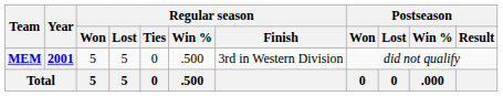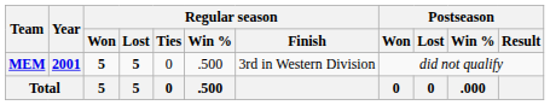 <table class="wikitable" style="font-size: 95%; text-align:center;">
 <tr>
 <th rowspan="2">Team</th>
 <th rowspan="2">Year</th>
 <th colspan="5">Regular season</th>
 <th colspan="4">Postseason</th>
 </tr>
 <tr>
 <th>Won</th>
 <th>Lost</th>
 <th>Ties</th>
 <th>Win %</th>
 <th>Finish</th>
 <th>Won</th>
 <th>Lost</th>
 <th>Win %</th>
 <th>Result</th>
 </tr>
 <tr>
 <th><a href='#'>MEM</a></th>
 <th><a href='#'>2001</a></th>
-<td>5</td>
-<td>5</td>
+<td><strong>5</strong></td>
+<td><strong>5</strong></td>
 <td>0</td>
 <td>.500</td>
 <td>3rd in Western Division</td>
 <td colspan="4"><em>did not qualify</em></td>
 </tr>
 <tr>
 <th colspan="2">Total</th>
 <th>5</th>
 <th>5</th>
 <th>0</th>
 <th>.500</th>
 <th></th>
 <th>0</th>
 <th>0</th>
 <th>.000</th>
 <th></th>
 </tr>
 </table>
